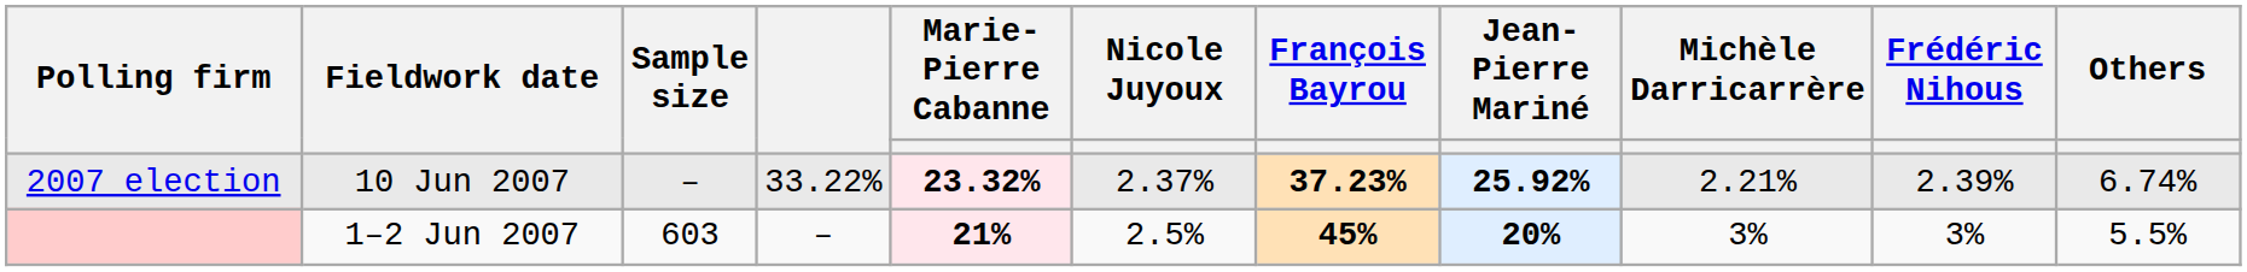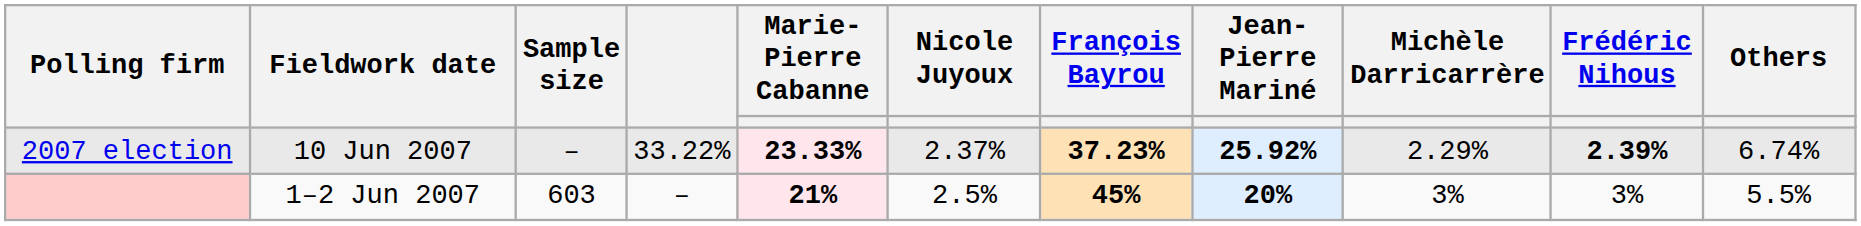 <table class="wikitable sortable" style="text-align:center;font-size:90%;line-height:14px;">
 <tr style="height:40px;">
 <th style="width:100px;" rowspan="2">Polling firm</th>
 <th style="width:110px;" rowspan="2">Fieldwork date</th>
 <th style="width:35px;" rowspan="2">Sample<br>size</th>
 <th style="width:30px;" rowspan="2"></th>
 <th class="unsortable" style="width:60px;">Marie-Pierre Cabanne<br></th>
 <th class="unsortable" style="width:60px;">Nicole Juyoux<br></th>
 <th class="unsortable" style="width:60px;"><a href='#'>François Bayrou</a><br></th>
 <th class="unsortable" style="width:60px;">Jean-Pierre Mariné<br></th>
 <th class="unsortable" style="width:60px;">Michèle Darricarrère<br></th>
 <th class="unsortable" style="width:60px;"><a href='#'>Frédéric Nihous</a><br></th>
 <th class="unsortable" style="width:60px;">Others</th>
 </tr>
 <tr>
 <th style="background:"></th>
 <th style="background:"></th>
 <th style="background:"></th>
 <th style="background:"></th>
 <th style="background:"></th>
 <th style="background:"></th>
 <th style="background:"></th>
 </tr>
 <tr style="background:#E9E9E9;">
 <td><a href='#'>2007 election</a></td>
 <td data-sort-value="2007-06-10">10 Jun 2007</td>
 <td>–</td>
 <td>33.22%</td>
-<td style="background:#FFE6EC;"><strong>23.32%</strong></td>
+<td style="background:#FFE6EC;"><strong>23.33%</strong></td>
 <td>2.37%</td>
 <td style="background:#FFE1B6;"><strong>37.23%</strong></td>
 <td style="background:#DFEEFF;"><strong>25.92%</strong></td>
-<td>2.21%</td>
-<td>2.39%</td>
+<td>2.29%</td>
+<td><strong>2.39%</strong></td>
 <td>6.74%</td>
 </tr>
 <tr>
 <td style="background:#FFCCCC;"></td>
 <td data-sort-value="2007-06-02">1–2 Jun 2007</td>
 <td>603</td>
 <td>–</td>
 <td style="background:#FFE6EC;"><strong>21%</strong></td>
 <td>2.5%</td>
 <td style="background:#FFE1B6;"><strong>45%</strong></td>
 <td style="background:#DFEEFF;"><strong>20%</strong></td>
 <td>3%</td>
 <td>3%</td>
 <td>5.5%</td>
 </tr>
 </table>
